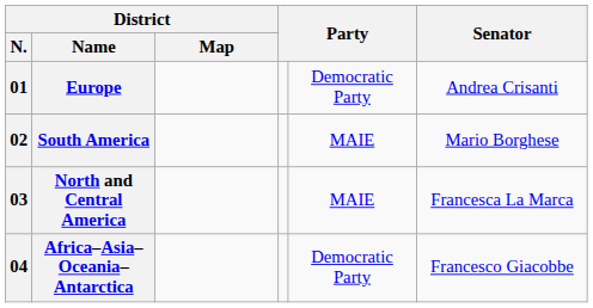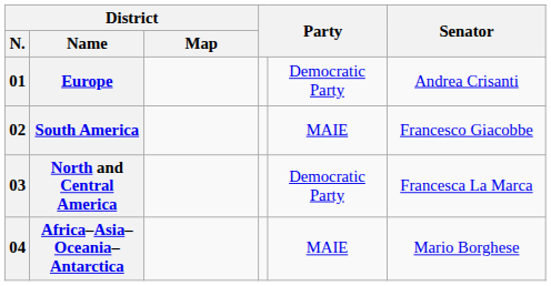 <table class="wikitable" style="text-align:center; style="width=60%">
 <tr>
 <th width=35% colspan="3">District</th>
 <th width=20% colspan="2" rowspan="2">Party</th>
 <th width=25% rowspan="2">Senator</th>
 </tr>
 <tr>
 <th width=1%>N.</th>
 <th width=18%>Name</th>
 <th width=18%>Map</th>
 </tr>
 <tr style="height:3em;">
 <th>01</th>
 <th><a href='#'>Europe</a></th>
 <td></td>
 <td style="background:"></td>
 <td><a href='#'>Democratic Party</a></td>
 <td><a href='#'>Andrea Crisanti</a></td>
 </tr>
 <tr style="height:3em;">
 <th>02</th>
 <th><a href='#'>South America</a></th>
 <td></td>
 <td style="background:"></td>
 <td><a href='#'>MAIE</a></td>
-<td><a href='#'>Mario Borghese</a></td>
+<td><a href='#'>Francesco Giacobbe</a></td>
 </tr>
 <tr style="height:3em;">
 <th>03</th>
 <th><a href='#'>North</a> and <a href='#'>Central America</a></th>
 <td></td>
 <td style="background:"></td>
-<td><a href='#'>MAIE</a></td>
+<td><a href='#'>Democratic Party</a></td>
 <td><a href='#'>Francesca La Marca</a></td>
 </tr>
 <tr style="height:3em;">
 <th>04</th>
 <th><a href='#'>Africa</a>–<a href='#'>Asia</a>–<a href='#'>Oceania</a>–<a href='#'>Antarctica</a></th>
 <td></td>
 <td style="background:"></td>
-<td><a href='#'>Democratic Party</a></td>
-<td><a href='#'>Francesco Giacobbe</a></td>
+<td><a href='#'>MAIE</a></td>
+<td><a href='#'>Mario Borghese</a></td>
 </tr>
 </table>
